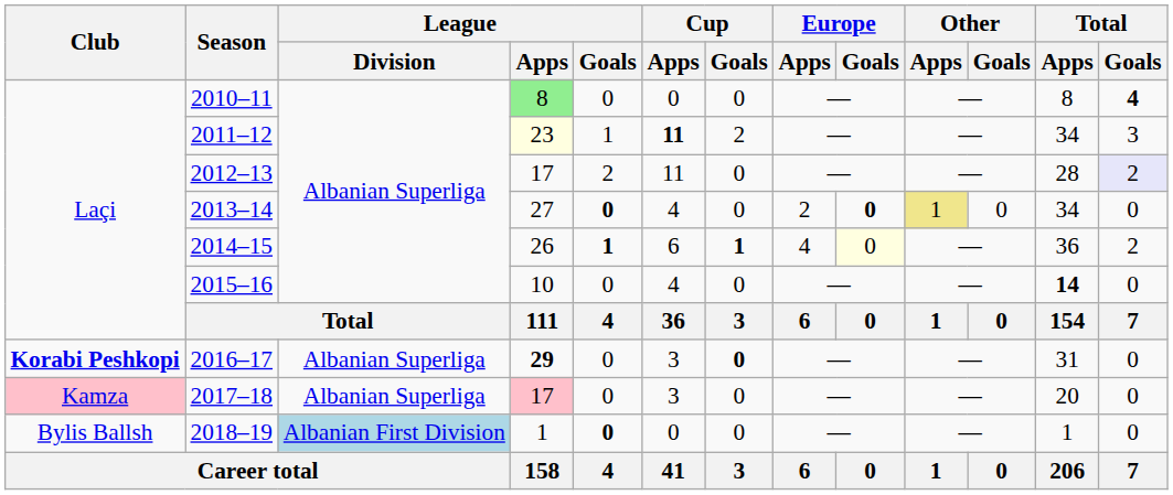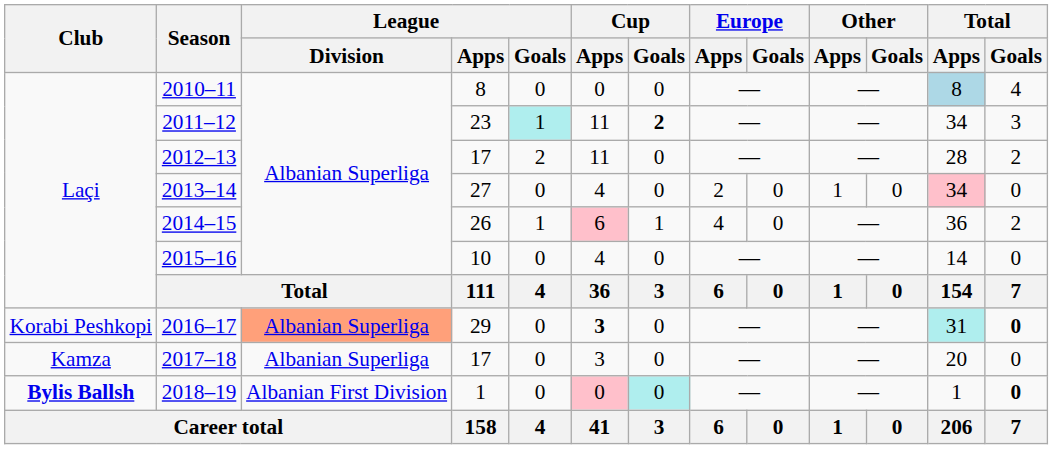 <table class="wikitable" style="text-align:center">
 <tr>
 <th rowspan="2">Club</th>
 <th rowspan="2">Season</th>
 <th colspan="3">League</th>
 <th colspan="2">Cup</th>
 <th colspan="2"><a href='#'>Europe</a></th>
 <th colspan="2">Other</th>
 <th colspan="2">Total</th>
 </tr>
 <tr>
 <th>Division</th>
 <th>Apps</th>
 <th>Goals</th>
 <th>Apps</th>
 <th>Goals</th>
 <th>Apps</th>
 <th>Goals</th>
 <th>Apps</th>
 <th>Goals</th>
 <th>Apps</th>
 <th>Goals</th>
 </tr>
 <tr>
 <td rowspan="7"><a href='#'>Laçi</a></td>
 <td><a href='#'>2010–11</a></td>
 <td rowspan="6"><a href='#'>Albanian Superliga</a></td>
-<td style="background: lightgreen;">8</td>
+<td>8</td>
 <td>0</td>
 <td>0</td>
 <td>0</td>
 <td colspan="2">—</td>
 <td colspan="2">—</td>
-<td>8</td>
-<td><strong>4</strong></td>
+<td style="background: lightblue;">8</td>
+<td>4</td>
 </tr>
 <tr>
 <td><a href='#'>2011–12</a></td>
-<td style="background: lightyellow;">23</td>
-<td>1</td>
-<td><strong>11</strong></td>
-<td>2</td>
+<td>23</td>
+<td style="background: paleturquoise;">1</td>
+<td>11</td>
+<td><strong>2</strong></td>
 <td colspan="2">—</td>
 <td colspan="2">—</td>
 <td>34</td>
 <td>3</td>
 </tr>
 <tr>
 <td><a href='#'>2012–13</a></td>
 <td>17</td>
 <td>2</td>
 <td>11</td>
 <td>0</td>
 <td colspan="2">—</td>
 <td colspan="2">—</td>
 <td>28</td>
-<td style="background: lavender;">2</td>
+<td>2</td>
 </tr>
 <tr>
 <td><a href='#'>2013–14</a></td>
 <td>27</td>
-<td><strong>0</strong></td>
+<td>0</td>
 <td>4</td>
 <td>0</td>
 <td>2</td>
-<td><strong>0</strong></td>
-<td style="background: khaki;">1</td>
 <td>0</td>
-<td>34</td>
+<td>1</td>
+<td>0</td>
+<td style="background: pink;">34</td>
 <td>0</td>
 </tr>
 <tr>
 <td><a href='#'>2014–15</a></td>
 <td>26</td>
-<td><strong>1</strong></td>
-<td>6</td>
-<td><strong>1</strong></td>
+<td>1</td>
+<td style="background: pink;">6</td>
+<td>1</td>
 <td>4</td>
-<td style="background: lightyellow;">0</td>
+<td>0</td>
 <td colspan="2">—</td>
 <td>36</td>
 <td>2</td>
 </tr>
 <tr>
 <td><a href='#'>2015–16</a></td>
 <td>10</td>
 <td>0</td>
 <td>4</td>
 <td>0</td>
 <td colspan="2">—</td>
 <td colspan="2">—</td>
-<td><strong>14</strong></td>
+<td>14</td>
 <td>0</td>
 </tr>
 <tr>
 <th colspan="2">Total</th>
 <th>111</th>
 <th>4</th>
 <th>36</th>
 <th>3</th>
 <th>6</th>
 <th>0</th>
 <th>1</th>
 <th>0</th>
 <th>154</th>
 <th>7</th>
 </tr>
 <tr>
-<td rowspan="1"><strong><a href='#'>Korabi Peshkopi</a></strong></td>
+<td rowspan="1"><a href='#'>Korabi Peshkopi</a></td>
 <td><a href='#'>2016–17</a></td>
-<td rowspan="1"><a href='#'>Albanian Superliga</a></td>
-<td><strong>29</strong></td>
+<td rowspan="1" style="background: lightsalmon;"><a href='#'>Albanian Superliga</a></td>
+<td>29</td>
 <td>0</td>
-<td>3</td>
-<td><strong>0</strong></td>
+<td><strong>3</strong></td>
+<td>0</td>
 <td colspan="2">—</td>
 <td colspan="2">—</td>
-<td>31</td>
-<td>0</td>
+<td style="background: paleturquoise;">31</td>
+<td><strong>0</strong></td>
 </tr>
 <tr>
-<td rowspan="1" style="background: pink;"><a href='#'>Kamza</a></td>
+<td rowspan="1"><a href='#'>Kamza</a></td>
 <td><a href='#'>2017–18</a></td>
 <td rowspan="1"><a href='#'>Albanian Superliga</a></td>
-<td style="background: pink;">17</td>
+<td>17</td>
 <td>0</td>
 <td>3</td>
 <td>0</td>
 <td colspan="2">—</td>
 <td colspan="2">—</td>
 <td>20</td>
 <td>0</td>
 </tr>
 <tr>
-<td rowspan="1"><a href='#'>Bylis Ballsh</a></td>
+<td rowspan="1"><strong><a href='#'>Bylis Ballsh</a></strong></td>
 <td><a href='#'>2018–19</a></td>
-<td rowspan="1" style="background: lightblue;"><a href='#'>Albanian First Division</a></td>
+<td rowspan="1"><a href='#'>Albanian First Division</a></td>
 <td>1</td>
-<td><strong>0</strong></td>
 <td>0</td>
-<td>0</td>
+<td style="background: pink;">0</td>
+<td style="background: paleturquoise;">0</td>
 <td colspan="2">—</td>
 <td colspan="2">—</td>
 <td>1</td>
-<td>0</td>
+<td><strong>0</strong></td>
 </tr>
 <tr>
 <th colspan="3">Career total</th>
 <th>158</th>
 <th>4</th>
 <th>41</th>
 <th>3</th>
 <th>6</th>
 <th>0</th>
 <th>1</th>
 <th>0</th>
 <th>206</th>
 <th>7</th>
 </tr>
 </table>
